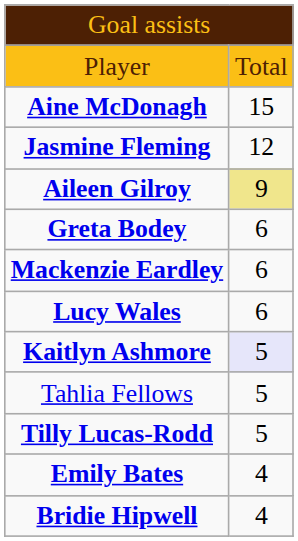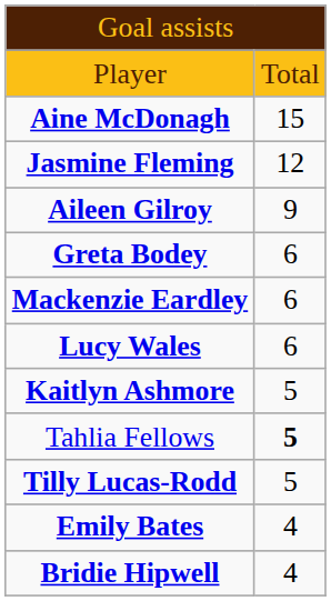 <table class="wikitable" style="text-align:center;">
 <tr>
 <td colspan="2" style="text-align:center; background: #4D2004; color: #FBBF15">Goal assists</td>
 </tr>
 <tr>
 <td style="text-align:center; background: #FBBF15; color: #4D2004">Player</td>
 <td style="text-align:center; background: #FBBF15; color: #4D2004">Total</td>
 </tr>
 <tr>
 <td><strong><a href='#'>Aine McDonagh</a></strong></td>
 <td>15</td>
 </tr>
 <tr>
 <td><strong><a href='#'>Jasmine Fleming</a></strong></td>
 <td>12</td>
 </tr>
 <tr>
 <td><strong><a href='#'>Aileen Gilroy</a></strong></td>
-<td style="background: khaki;">9</td>
+<td>9</td>
 </tr>
 <tr>
 <td><strong><a href='#'>Greta Bodey</a></strong></td>
 <td>6</td>
 </tr>
 <tr>
 <td><strong><a href='#'>Mackenzie Eardley</a></strong></td>
 <td>6</td>
 </tr>
 <tr>
 <td><strong><a href='#'>Lucy Wales</a></strong></td>
 <td>6</td>
 </tr>
 <tr>
 <td><strong><a href='#'>Kaitlyn Ashmore</a></strong></td>
-<td style="background: lavender;">5</td>
+<td>5</td>
 </tr>
 <tr>
 <td><a href='#'>Tahlia Fellows</a></td>
-<td>5</td>
+<td><strong>5</strong></td>
 </tr>
 <tr>
 <td><strong><a href='#'>Tilly Lucas-Rodd</a></strong></td>
 <td>5</td>
 </tr>
 <tr>
 <td><strong><a href='#'>Emily Bates</a></strong></td>
 <td>4</td>
 </tr>
 <tr>
 <td><strong><a href='#'>Bridie Hipwell</a></strong></td>
 <td>4</td>
 </tr>
 </table>
